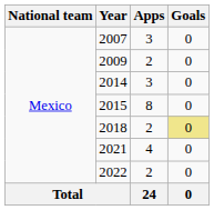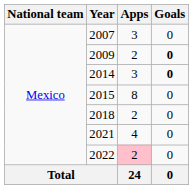 <table class="wikitable" style="text-align: center;">
 <tr>
 <th>National team</th>
 <th>Year</th>
 <th>Apps</th>
 <th>Goals</th>
 </tr>
 <tr>
 <td rowspan="7" valign="center"><a href='#'>Mexico</a></td>
 <td>2007</td>
 <td>3</td>
 <td>0</td>
 </tr>
 <tr>
 <td>2009</td>
 <td>2</td>
-<td>0</td>
+<td><strong>0</strong></td>
 </tr>
 <tr>
 <td>2014</td>
 <td>3</td>
-<td>0</td>
+<td><strong>0</strong></td>
 </tr>
 <tr>
 <td>2015</td>
 <td>8</td>
 <td>0</td>
 </tr>
 <tr>
 <td>2018</td>
 <td>2</td>
-<td style="background: khaki;">0</td>
+<td>0</td>
 </tr>
 <tr>
 <td>2021</td>
 <td>4</td>
 <td>0</td>
 </tr>
 <tr>
 <td>2022</td>
-<td>2</td>
+<td style="background: pink;">2</td>
 <td>0</td>
 </tr>
 <tr>
 <th colspan="2">Total</th>
 <th>24</th>
 <th>0</th>
 </tr>
 </table>
